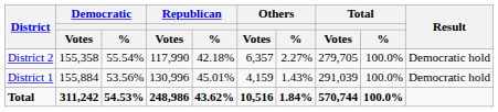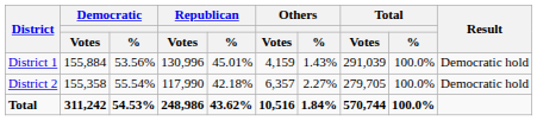 <table class="wikitable plainrowheaders sortable" style="font-size:100%; text-align:right;">
 <tr>
 <th scope=col rowspan=3><a href='#'>District</a></th>
 <th scope=col colspan=2><a href='#'>Democratic</a></th>
 <th scope=col colspan=2><a href='#'>Republican</a></th>
 <th scope=col colspan=2>Others</th>
 <th scope=col colspan=2>Total</th>
 <th scope=col rowspan=3>Result</th>
 </tr>
 <tr>
 <th scope=col colspan=2 style="background:"></th>
 <th scope=col colspan=2 style="background:"></th>
 <th scope=col colspan=2></th>
 <th scope=col colspan=2></th>
 </tr>
 <tr>
 <th scope=col data-sort-type="number">Votes</th>
 <th scope=col data-sort-type="number">%</th>
 <th scope=col data-sort-type="number">Votes</th>
 <th scope=col data-sort-type="number">%</th>
 <th scope=col data-sort-type="number">Votes</th>
 <th scope=col data-sort-type="number">%</th>
 <th scope=col data-sort-type="number">Votes</th>
 <th scope=col data-sort-type="number">%</th>
 </tr>
 <tr>
+<td align=left><a href='#'>District 1</a></td>
+<td>155,884</td>
+<td>53.56%</td>
+<td>130,996</td>
+<td>45.01%</td>
+<td>4,159</td>
+<td>1.43%</td>
+<td>291,039</td>
+<td>100.0%</td>
+<td align=left>Democratic hold</td>
+</tr>
+<tr>
 <td align=left><a href='#'>District 2</a></td>
 <td>155,358</td>
 <td>55.54%</td>
 <td>117,990</td>
 <td>42.18%</td>
 <td>6,357</td>
 <td>2.27%</td>
 <td>279,705</td>
-<td>100.0%</td>
-<td align=left>Democratic hold</td>
-</tr>
-<tr>
-<td align=left><a href='#'>District 1</a></td>
-<td>155,884</td>
-<td>53.56%</td>
-<td>130,996</td>
-<td>45.01%</td>
-<td>4,159</td>
-<td>1.43%</td>
-<td>291,039</td>
 <td>100.0%</td>
 <td align=left>Democratic hold</td>
 </tr>
 <tr class="sortbottom" style="font-weight:bold">
 <td align=left>Total</td>
 <td>311,242</td>
 <td>54.53%</td>
 <td>248,986</td>
 <td>43.62%</td>
 <td>10,516</td>
 <td>1.84%</td>
 <td>570,744</td>
 <td>100.0%</td>
 <td></td>
 </tr>
 </table>
